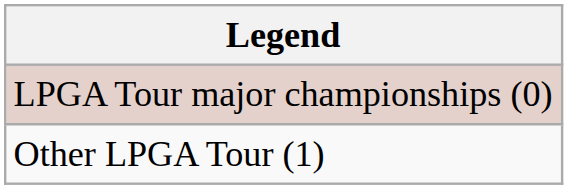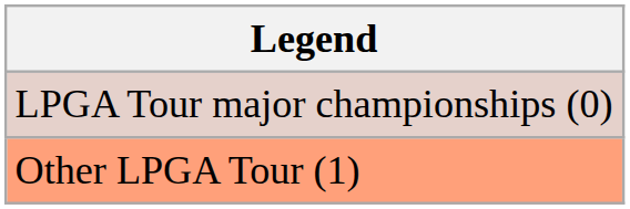 <table class="wikitable" style="font-size:95%;">
 <tr>
 <th>Legend</th>
 </tr>
 <tr style="background:#e5d1cb;">
 <td>LPGA Tour major championships (0)</td>
 </tr>
 <tr>
-<td>Other LPGA Tour (1)</td>
+<td style="background: lightsalmon;">Other LPGA Tour (1)</td>
 </tr>
 </table>
